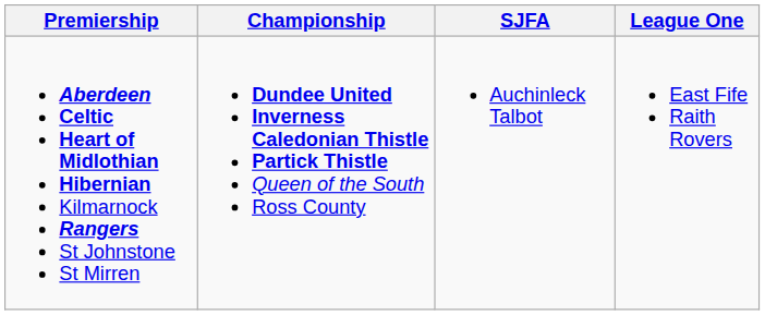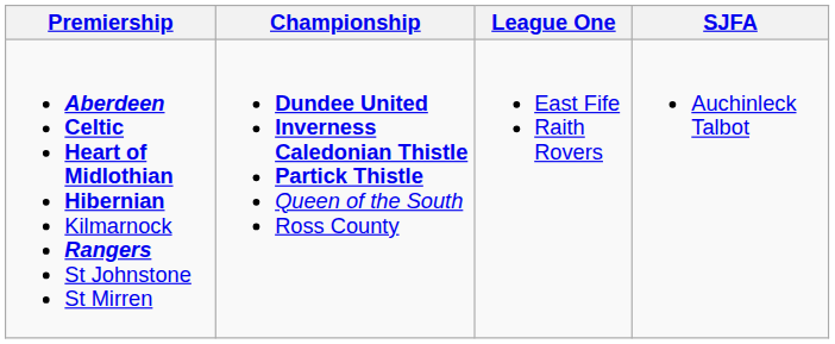 <table class="wikitable" style="text-align:left">
 <tr>
 <th><a href='#'>Premiership</a></th>
 <th><a href='#'>Championship</a></th>
+<th><a href='#'>League One</a></th>
 <th><a href='#'>SJFA</a></th>
-<th><a href='#'>League One</a></th>
 </tr>
 <tr>
 <td valign=top><br><ul><li><strong><em><a href='#'>Aberdeen</a></em></strong></li><li><strong><a href='#'>Celtic</a></strong></li><li><strong><a href='#'>Heart of Midlothian</a></strong></li><li><strong><a href='#'>Hibernian</a></strong></li><li><a href='#'>Kilmarnock</a></li><li><strong><em><a href='#'>Rangers</a></em></strong></li><li><a href='#'>St Johnstone</a></li><li><a href='#'>St Mirren</a></li></ul></td>
 <td valign=top><br><ul><li><strong><a href='#'>Dundee United</a></strong></li><li><strong><a href='#'>Inverness Caledonian Thistle</a></strong></li><li><strong><a href='#'>Partick Thistle</a></strong></li><li><em><a href='#'>Queen of the South</a></em></li><li><a href='#'>Ross County</a></li></ul></td>
+<td valign=top><br><ul><li><a href='#'>East Fife</a></li><li><a href='#'>Raith Rovers</a></li></ul></td>
 <td valign=top><br><ul><li><a href='#'>Auchinleck Talbot</a></li></ul></td>
-<td valign=top><br><ul><li><a href='#'>East Fife</a></li><li><a href='#'>Raith Rovers</a></li></ul></td>
 </tr>
 </table>
